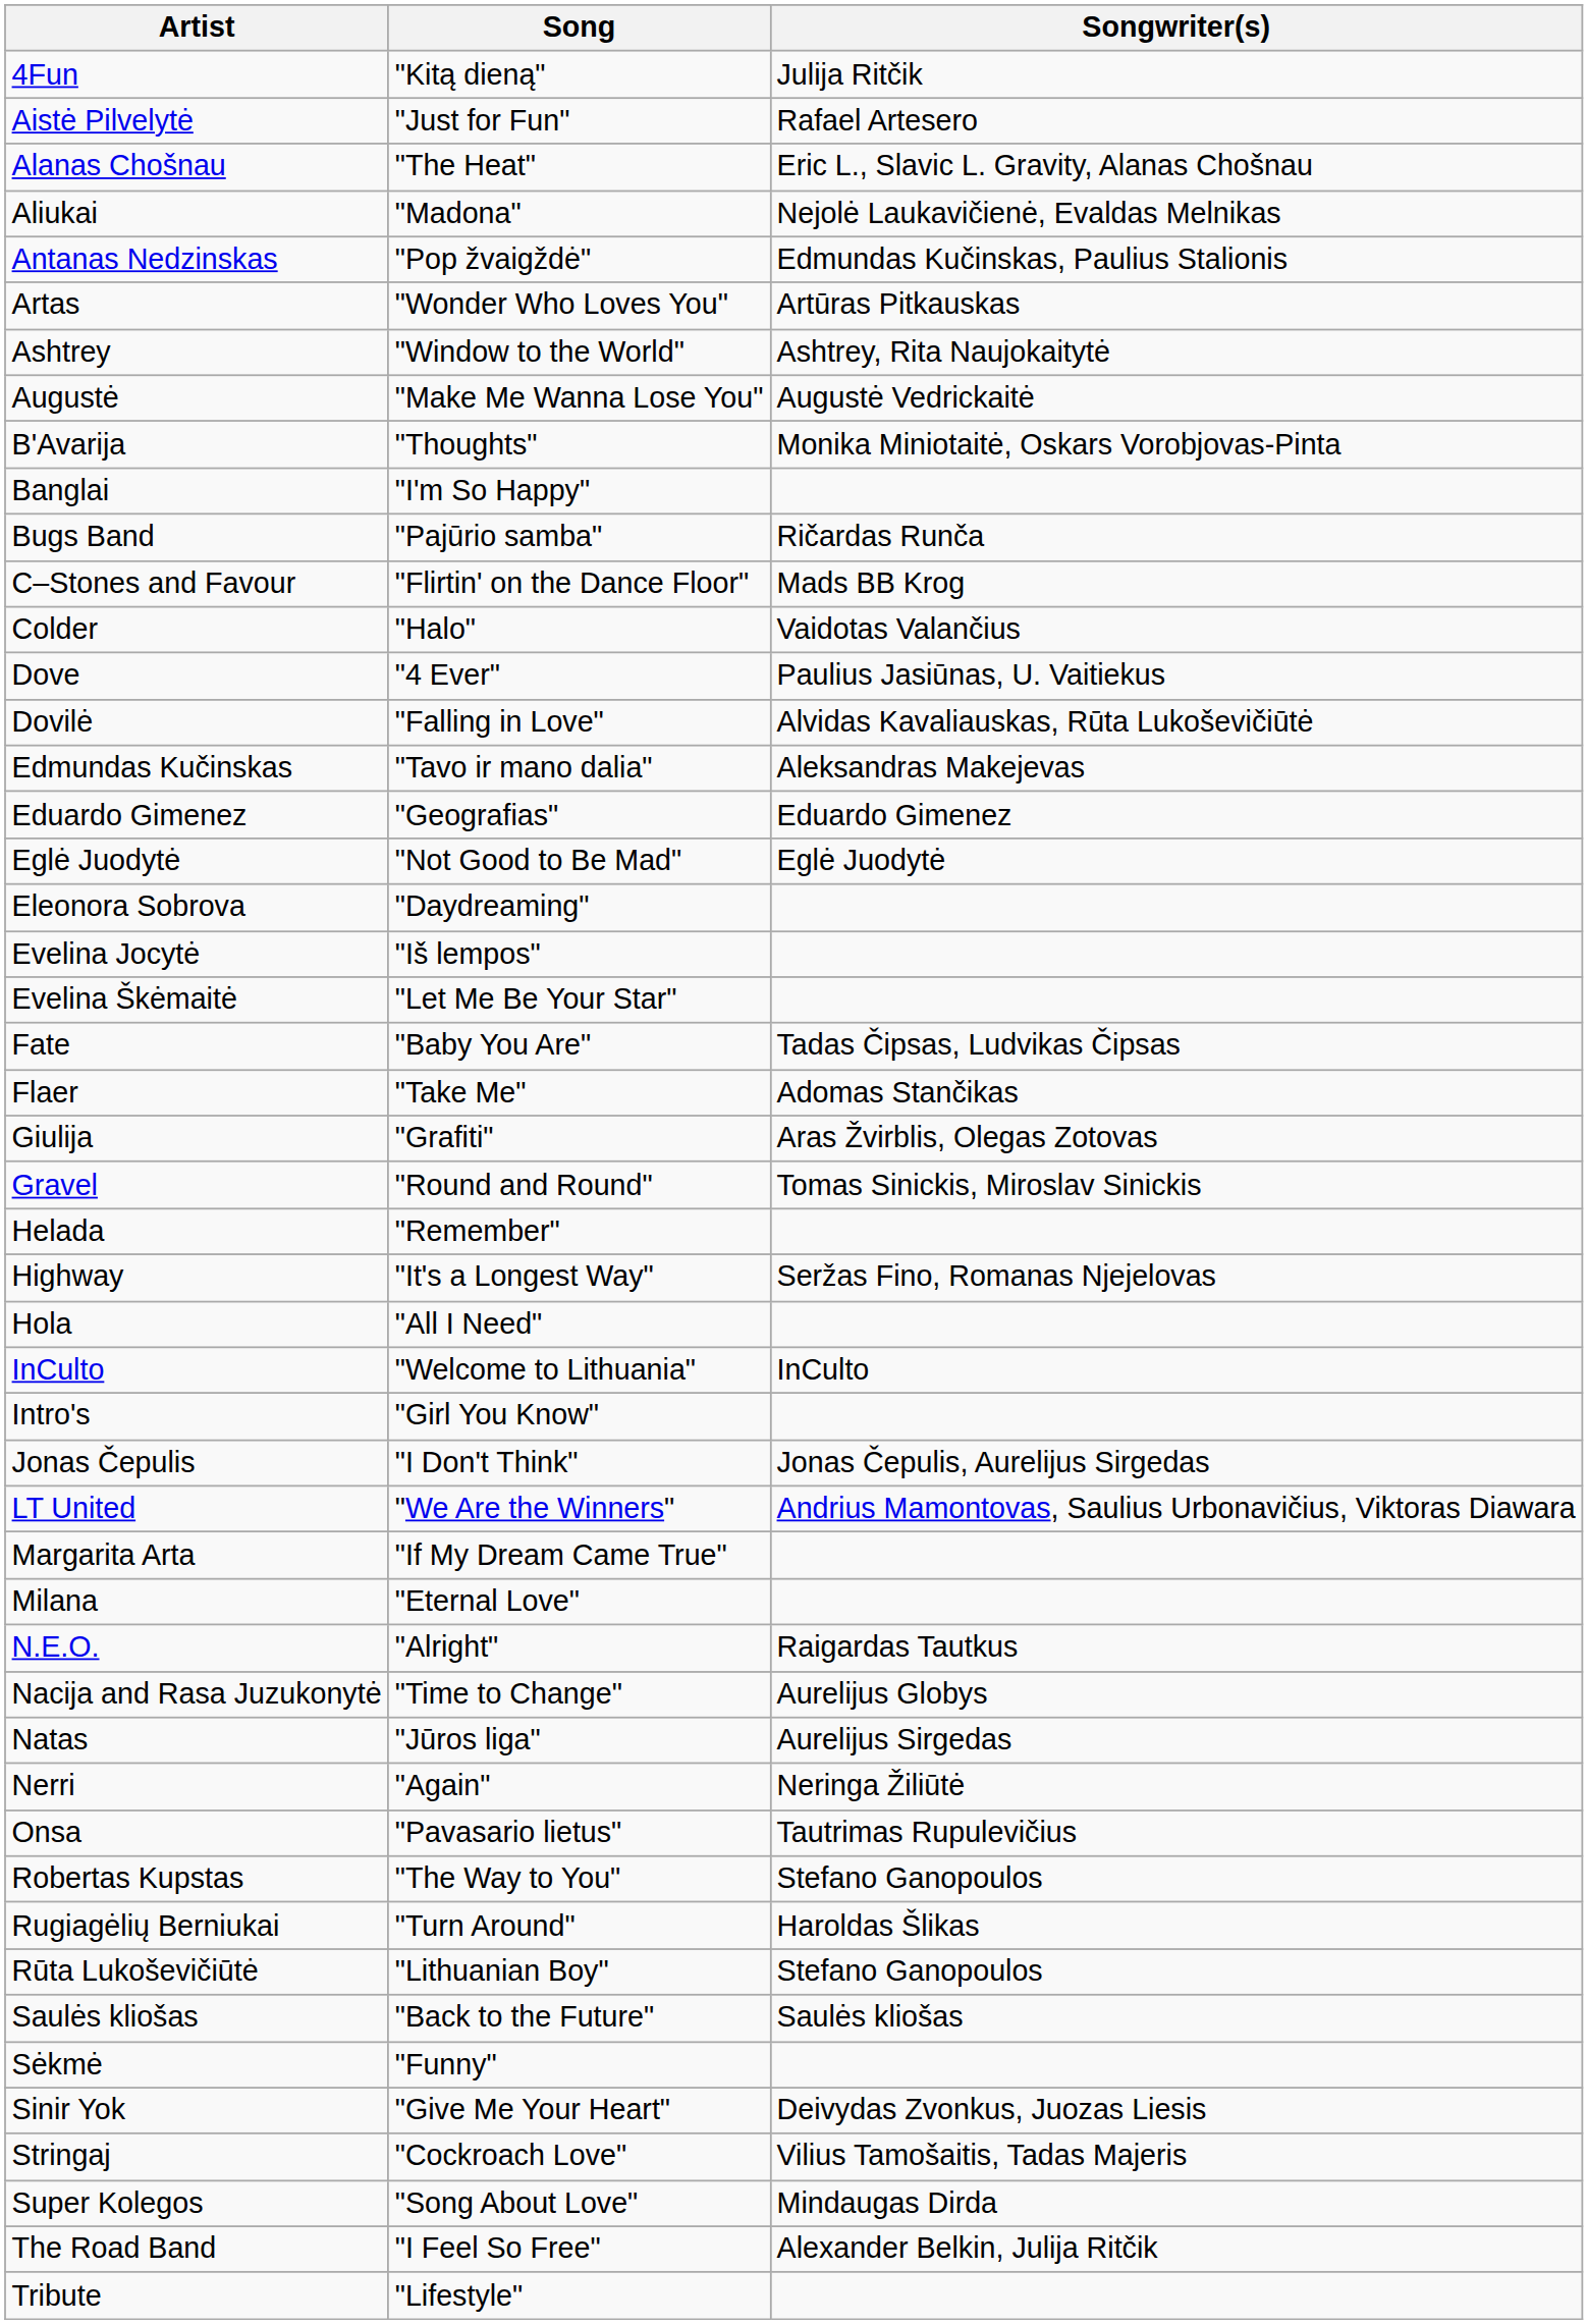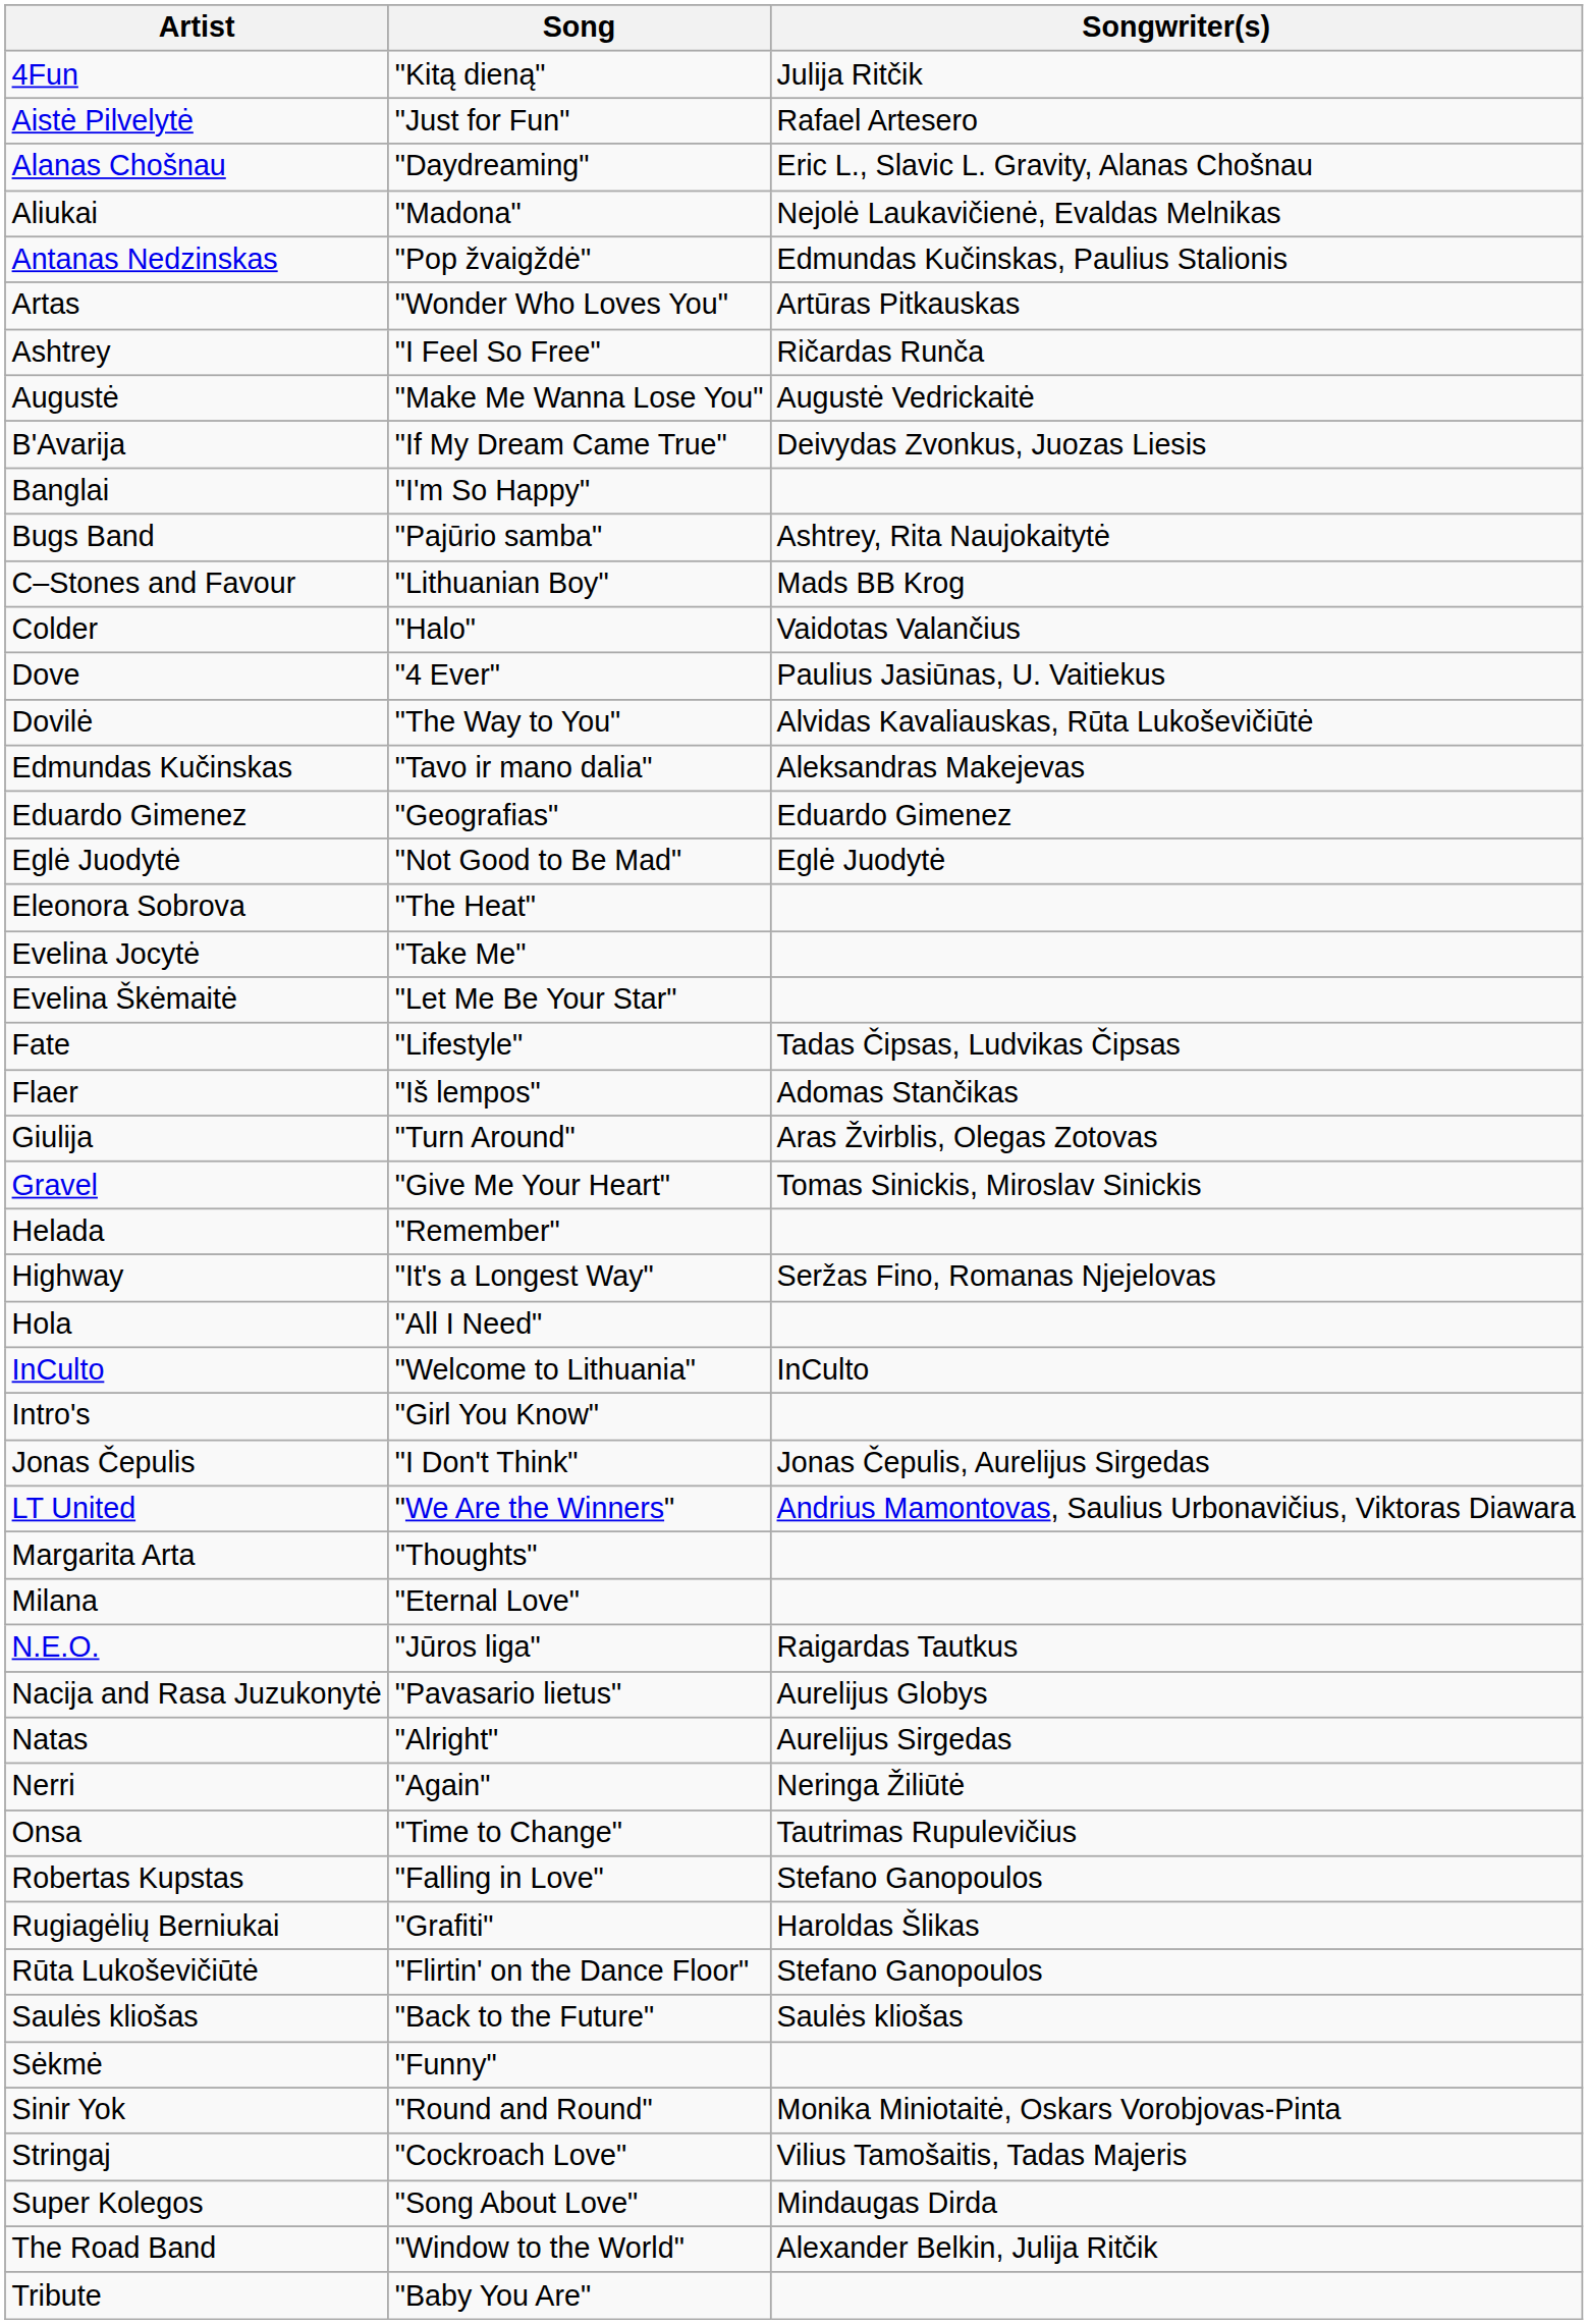 <table class="sortable wikitable" style="margin: 1em auto 1em auto">
 <tr>
 <th>Artist</th>
 <th>Song</th>
 <th>Songwriter(s)</th>
 </tr>
 <tr>
 <td><a href='#'>4Fun</a></td>
 <td>"Kitą dieną"</td>
 <td>Julija Ritčik</td>
 </tr>
 <tr>
 <td><a href='#'>Aistė Pilvelytė</a></td>
 <td>"Just for Fun"</td>
 <td>Rafael Artesero</td>
 </tr>
 <tr>
 <td><a href='#'>Alanas Chošnau</a></td>
-<td>"The Heat"</td>
+<td>"Daydreaming"</td>
 <td>Eric L., Slavic L. Gravity, Alanas Chošnau</td>
 </tr>
 <tr>
 <td>Aliukai</td>
 <td>"Madona"</td>
 <td>Nejolė Laukavičienė, Evaldas Melnikas</td>
 </tr>
 <tr>
 <td><a href='#'>Antanas Nedzinskas</a></td>
 <td>"Pop žvaigždė"</td>
 <td>Edmundas Kučinskas, Paulius Stalionis</td>
 </tr>
 <tr>
 <td>Artas</td>
 <td>"Wonder Who Loves You"</td>
 <td>Artūras Pitkauskas</td>
 </tr>
 <tr>
 <td>Ashtrey</td>
-<td>"Window to the World"</td>
-<td>Ashtrey, Rita Naujokaitytė</td>
+<td>"I Feel So Free"</td>
+<td>Ričardas Runča</td>
 </tr>
 <tr>
 <td>Augustė</td>
 <td>"Make Me Wanna Lose You"</td>
 <td>Augustė Vedrickaitė</td>
 </tr>
 <tr>
 <td>B'Avarija</td>
-<td>"Thoughts"</td>
-<td>Monika Miniotaitė, Oskars Vorobjovas-Pinta</td>
+<td>"If My Dream Came True"</td>
+<td>Deivydas Zvonkus, Juozas Liesis</td>
 </tr>
 <tr>
 <td>Banglai</td>
 <td>"I'm So Happy"</td>
 <td></td>
 </tr>
 <tr>
 <td>Bugs Band</td>
 <td>"Pajūrio samba"</td>
-<td>Ričardas Runča</td>
+<td>Ashtrey, Rita Naujokaitytė</td>
 </tr>
 <tr>
 <td>C–Stones and Favour</td>
-<td>"Flirtin' on the Dance Floor"</td>
+<td>"Lithuanian Boy"</td>
 <td>Mads BB Krog</td>
 </tr>
 <tr>
 <td>Colder</td>
 <td>"Halo"</td>
 <td>Vaidotas Valančius</td>
 </tr>
 <tr>
 <td>Dove</td>
 <td>"4 Ever"</td>
 <td>Paulius Jasiūnas, U. Vaitiekus</td>
 </tr>
 <tr>
 <td>Dovilė</td>
-<td>"Falling in Love"</td>
+<td>"The Way to You"</td>
 <td>Alvidas Kavaliauskas, Rūta Lukoševičiūtė</td>
 </tr>
 <tr>
 <td>Edmundas Kučinskas</td>
 <td>"Tavo ir mano dalia"</td>
 <td>Aleksandras Makejevas</td>
 </tr>
 <tr>
 <td>Eduardo Gimenez</td>
 <td>"Geografias"</td>
 <td>Eduardo Gimenez</td>
 </tr>
 <tr>
 <td>Eglė Juodytė</td>
 <td>"Not Good to Be Mad"</td>
 <td>Eglė Juodytė</td>
 </tr>
 <tr>
 <td>Eleonora Sobrova</td>
-<td>"Daydreaming"</td>
+<td>"The Heat"</td>
 <td></td>
 </tr>
 <tr>
 <td>Evelina Jocytė</td>
-<td>"Iš lempos"</td>
+<td>"Take Me"</td>
 <td></td>
 </tr>
 <tr>
 <td>Evelina Škėmaitė</td>
 <td>"Let Me Be Your Star"</td>
 <td></td>
 </tr>
 <tr>
 <td>Fate</td>
-<td>"Baby You Are"</td>
+<td>"Lifestyle"</td>
 <td>Tadas Čipsas, Ludvikas Čipsas</td>
 </tr>
 <tr>
 <td>Flaer</td>
-<td>"Take Me"</td>
+<td>"Iš lempos"</td>
 <td>Adomas Stančikas</td>
 </tr>
 <tr>
 <td>Giulija</td>
-<td>"Grafiti"</td>
+<td>"Turn Around"</td>
 <td>Aras Žvirblis, Olegas Zotovas</td>
 </tr>
 <tr>
 <td><a href='#'>Gravel</a></td>
-<td>"Round and Round"</td>
+<td>"Give Me Your Heart"</td>
 <td>Tomas Sinickis, Miroslav Sinickis</td>
 </tr>
 <tr>
 <td>Helada</td>
 <td>"Remember"</td>
 <td></td>
 </tr>
 <tr>
 <td>Highway</td>
 <td>"It's a Longest Way"</td>
 <td>Seržas Fino, Romanas Njejelovas</td>
 </tr>
 <tr>
 <td>Hola</td>
 <td>"All I Need"</td>
 <td></td>
 </tr>
 <tr>
 <td><a href='#'>InCulto</a></td>
 <td>"Welcome to Lithuania"</td>
 <td>InCulto</td>
 </tr>
 <tr>
 <td>Intro's</td>
 <td>"Girl You Know"</td>
 <td></td>
 </tr>
 <tr>
 <td>Jonas Čepulis</td>
 <td>"I Don't Think"</td>
 <td>Jonas Čepulis, Aurelijus Sirgedas</td>
 </tr>
 <tr>
 <td><a href='#'>LT United</a></td>
 <td>"<a href='#'>We Are the Winners</a>"</td>
 <td><a href='#'>Andrius Mamontovas</a>, Saulius Urbonavičius, Viktoras Diawara</td>
 </tr>
 <tr>
 <td>Margarita Arta</td>
-<td>"If My Dream Came True"</td>
+<td>"Thoughts"</td>
 <td></td>
 </tr>
 <tr>
 <td>Milana</td>
 <td>"Eternal Love"</td>
 <td></td>
 </tr>
 <tr>
 <td><a href='#'>N.E.O.</a></td>
-<td>"Alright"</td>
+<td>"Jūros liga"</td>
 <td>Raigardas Tautkus</td>
 </tr>
 <tr>
 <td>Nacija and Rasa Juzukonytė</td>
-<td>"Time to Change"</td>
+<td>"Pavasario lietus"</td>
 <td>Aurelijus Globys</td>
 </tr>
 <tr>
 <td>Natas</td>
-<td>"Jūros liga"</td>
+<td>"Alright"</td>
 <td>Aurelijus Sirgedas</td>
 </tr>
 <tr>
 <td>Nerri</td>
 <td>"Again"</td>
 <td>Neringa Žiliūtė</td>
 </tr>
 <tr>
 <td>Onsa</td>
-<td>"Pavasario lietus"</td>
+<td>"Time to Change"</td>
 <td>Tautrimas Rupulevičius</td>
 </tr>
 <tr>
 <td>Robertas Kupstas</td>
-<td>"The Way to You"</td>
+<td>"Falling in Love"</td>
 <td>Stefano Ganopoulos</td>
 </tr>
 <tr>
 <td>Rugiagėlių Berniukai</td>
-<td>"Turn Around"</td>
+<td>"Grafiti"</td>
 <td>Haroldas Šlikas</td>
 </tr>
 <tr>
 <td>Rūta Lukoševičiūtė</td>
-<td>"Lithuanian Boy"</td>
+<td>"Flirtin' on the Dance Floor"</td>
 <td>Stefano Ganopoulos</td>
 </tr>
 <tr>
 <td>Saulės kliošas</td>
 <td>"Back to the Future"</td>
 <td>Saulės kliošas</td>
 </tr>
 <tr>
 <td>Sėkmė</td>
 <td>"Funny"</td>
 <td></td>
 </tr>
 <tr>
 <td>Sinir Yok</td>
-<td>"Give Me Your Heart"</td>
-<td>Deivydas Zvonkus, Juozas Liesis</td>
+<td>"Round and Round"</td>
+<td>Monika Miniotaitė, Oskars Vorobjovas-Pinta</td>
 </tr>
 <tr>
 <td>Stringaj</td>
 <td>"Cockroach Love"</td>
 <td>Vilius Tamošaitis, Tadas Majeris</td>
 </tr>
 <tr>
 <td>Super Kolegos</td>
 <td>"Song About Love"</td>
 <td>Mindaugas Dirda</td>
 </tr>
 <tr>
 <td>The Road Band</td>
-<td>"I Feel So Free"</td>
+<td>"Window to the World"</td>
 <td>Alexander Belkin, Julija Ritčik</td>
 </tr>
 <tr>
 <td>Tribute</td>
-<td>"Lifestyle"</td>
+<td>"Baby You Are"</td>
 <td></td>
 </tr>
 </table>
